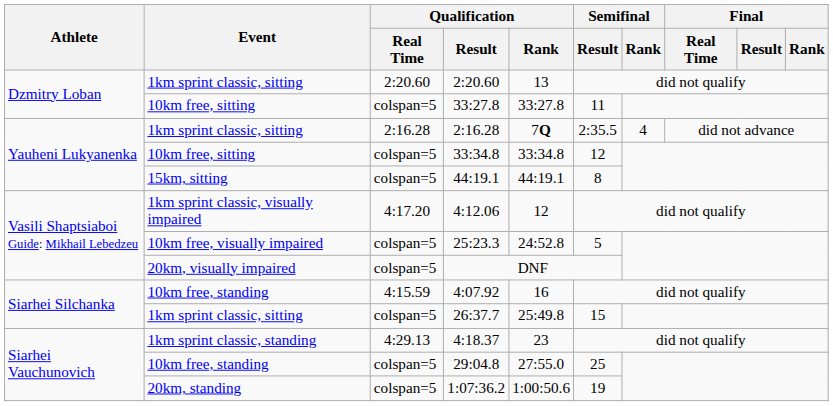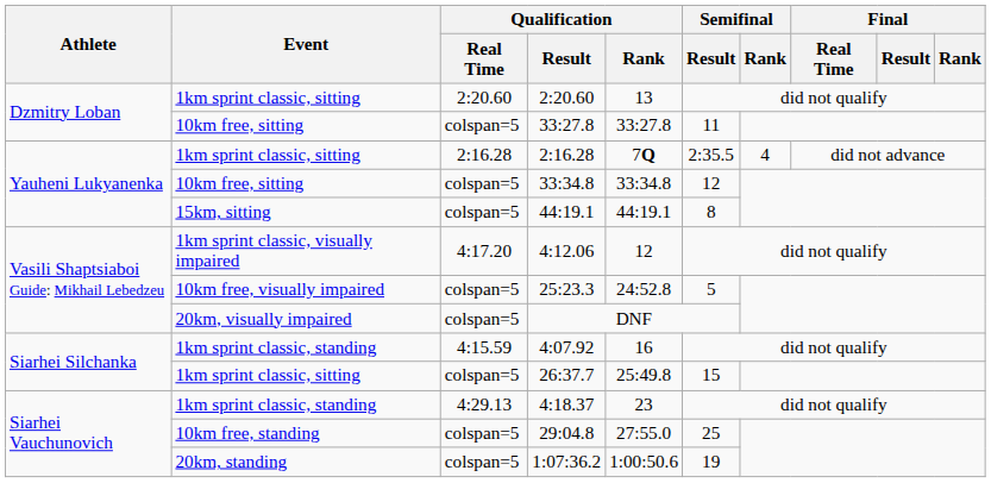 <table class="wikitable" style="font-size:100%">
 <tr>
 <th rowspan="2">Athlete</th>
 <th rowspan="2">Event</th>
 <th colspan="3">Qualification</th>
 <th colspan="2">Semifinal</th>
 <th colspan="3">Final</th>
 </tr>
 <tr>
 <th>Real Time</th>
 <th>Result</th>
 <th>Rank</th>
 <th>Result</th>
 <th>Rank</th>
 <th>Real Time</th>
 <th>Result</th>
 <th>Rank</th>
 </tr>
 <tr>
 <td rowspan=2><a href='#'>Dzmitry Loban</a></td>
 <td><a href='#'>1km sprint classic, sitting</a></td>
 <td align="center">2:20.60</td>
 <td align="center">2:20.60</td>
 <td align="center">13</td>
 <td colspan=5 align="center">did not qualify</td>
 </tr>
 <tr>
 <td><a href='#'>10km free, sitting</a></td>
 <td>colspan=5 </td>
 <td align="center">33:27.8</td>
 <td align="center">33:27.8</td>
 <td align="center">11</td>
 </tr>
 <tr>
 <td rowspan=3><a href='#'>Yauheni Lukyanenka</a></td>
 <td><a href='#'>1km sprint classic, sitting</a></td>
 <td align="center">2:16.28</td>
 <td align="center">2:16.28</td>
 <td align="center">7<strong>Q</strong></td>
 <td align="center">2:35.5</td>
 <td align="center">4</td>
 <td colspan=3 align="center">did not advance</td>
 </tr>
 <tr>
 <td><a href='#'>10km free, sitting</a></td>
 <td>colspan=5 </td>
 <td align="center">33:34.8</td>
 <td align="center">33:34.8</td>
 <td align="center">12</td>
 </tr>
 <tr>
 <td><a href='#'>15km, sitting</a></td>
 <td>colspan=5 </td>
 <td align="center">44:19.1</td>
 <td align="center">44:19.1</td>
 <td align="center">8</td>
 </tr>
 <tr>
 <td rowspan=3><a href='#'>Vasili Shaptsiaboi</a><br><small><a href='#'>Guide</a>: <a href='#'>Mikhail Lebedzeu</a></small></td>
 <td><a href='#'>1km sprint classic, visually impaired</a></td>
 <td align="center">4:17.20</td>
 <td align="center">4:12.06</td>
 <td align="center">12</td>
 <td colspan=5 align="center">did not qualify</td>
 </tr>
 <tr>
 <td><a href='#'>10km free, visually impaired</a></td>
 <td>colspan=5 </td>
 <td align="center">25:23.3</td>
 <td align="center">24:52.8</td>
 <td align="center">5</td>
 </tr>
 <tr>
 <td><a href='#'>20km, visually impaired</a></td>
 <td>colspan=5 </td>
 <td align="center" colspan=3>DNF</td>
 </tr>
 <tr>
 <td rowspan=2><a href='#'>Siarhei Silchanka</a></td>
-<td><a href='#'>10km free, standing</a></td>
+<td><a href='#'>1km sprint classic, standing</a></td>
 <td align="center">4:15.59</td>
 <td align="center">4:07.92</td>
 <td align="center">16</td>
 <td colspan=5 align="center">did not qualify</td>
 </tr>
 <tr>
 <td><a href='#'>1km sprint classic, sitting</a></td>
 <td>colspan=5 </td>
 <td align="center">26:37.7</td>
 <td align="center">25:49.8</td>
 <td align="center">15</td>
 </tr>
 <tr>
 <td rowspan=3><a href='#'>Siarhei Vauchunovich</a></td>
 <td><a href='#'>1km sprint classic, standing</a></td>
 <td align="center">4:29.13</td>
 <td align="center">4:18.37</td>
 <td align="center">23</td>
 <td colspan=5 align="center">did not qualify</td>
 </tr>
 <tr>
 <td><a href='#'>10km free, standing</a></td>
 <td>colspan=5 </td>
 <td align="center">29:04.8</td>
 <td align="center">27:55.0</td>
 <td align="center">25</td>
 </tr>
 <tr>
 <td><a href='#'>20km, standing</a></td>
 <td>colspan=5 </td>
 <td align="center">1:07:36.2</td>
 <td align="center">1:00:50.6</td>
 <td align="center">19</td>
 </tr>
 </table>
